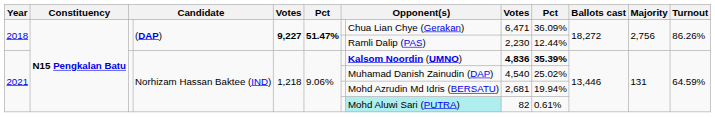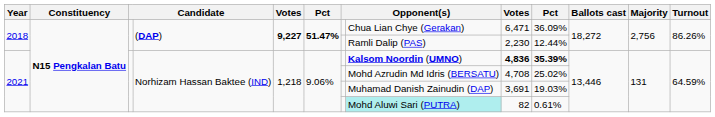 <table class="wikitable" style="margin:0.5em ; font-size:95%">
 <tr>
 <th>Year</th>
 <th>Constituency</th>
 <th colspan=2>Candidate</th>
 <th>Votes</th>
 <th>Pct</th>
 <th colspan=2>Opponent(s)</th>
 <th>Votes</th>
 <th>Pct</th>
 <th>Ballots cast</th>
 <th>Majority</th>
 <th>Turnout</th>
 </tr>
 <tr>
 <td rowspan=2><a href='#'>2018</a></td>
 <td rowspan=6><strong>N15 <a href='#'>Pengkalan Batu</a></strong></td>
 <td rowspan=2 ></td>
 <td rowspan=2> (<a href='#'><strong>DAP</strong></a>)</td>
 <td rowspan=2 align="right"><strong>9,227</strong></td>
 <td rowspan=2><strong>51.47%</strong></td>
 <td></td>
 <td>Chua Lian Chye (<a href='#'>Gerakan</a>)</td>
 <td align="right">6,471</td>
 <td>36.09%</td>
 <td rowspan=2>18,272</td>
 <td rowspan=2>2,756</td>
 <td rowspan=2>86.26%</td>
 </tr>
 <tr>
 <td></td>
 <td>Ramli Dalip (<a href='#'>PAS</a>)</td>
 <td align="right">2,230</td>
 <td>12.44%</td>
 </tr>
 <tr>
 <td rowspan="4"><a href='#'>2021</a></td>
 <td rowspan="4" ></td>
 <td rowspan="4">Norhizam Hassan Baktee (<a href='#'>IND</a>)</td>
 <td rowspan="4" align="right">1,218</td>
 <td rowspan="4">9.06%</td>
 <td></td>
 <td><strong><a href='#'>Kalsom Noordin</a></strong> (<a href='#'><strong>UMNO</strong></a>)</td>
 <td align="right"><strong>4,836</strong></td>
 <td><strong>35.39%</strong></td>
 <td rowspan=4>13,446</td>
 <td rowspan=4>131</td>
 <td rowspan=4>64.59%</td>
 </tr>
 <tr>
 <td></td>
-<td>Muhamad Danish Zainudin (<a href='#'>DAP</a>)</td>
-<td align="right">4,540</td>
+<td>Mohd Azrudin Md Idris (<a href='#'>BERSATU</a>)</td>
+<td align="right">4,708</td>
 <td>25.02%</td>
 </tr>
 <tr>
 <td></td>
-<td>Mohd Azrudin Md Idris (<a href='#'>BERSATU</a>)</td>
-<td align="right">2,681</td>
-<td>19.94%</td>
+<td>Muhamad Danish Zainudin (<a href='#'>DAP</a>)</td>
+<td align="right">3,691</td>
+<td>19.03%</td>
 </tr>
 <tr>
 <td></td>
 <td style="background: paleturquoise;">Mohd Aluwi Sari (<a href='#'>PUTRA</a>)</td>
 <td align="right">82</td>
 <td>0.61%</td>
 </tr>
 </table>
